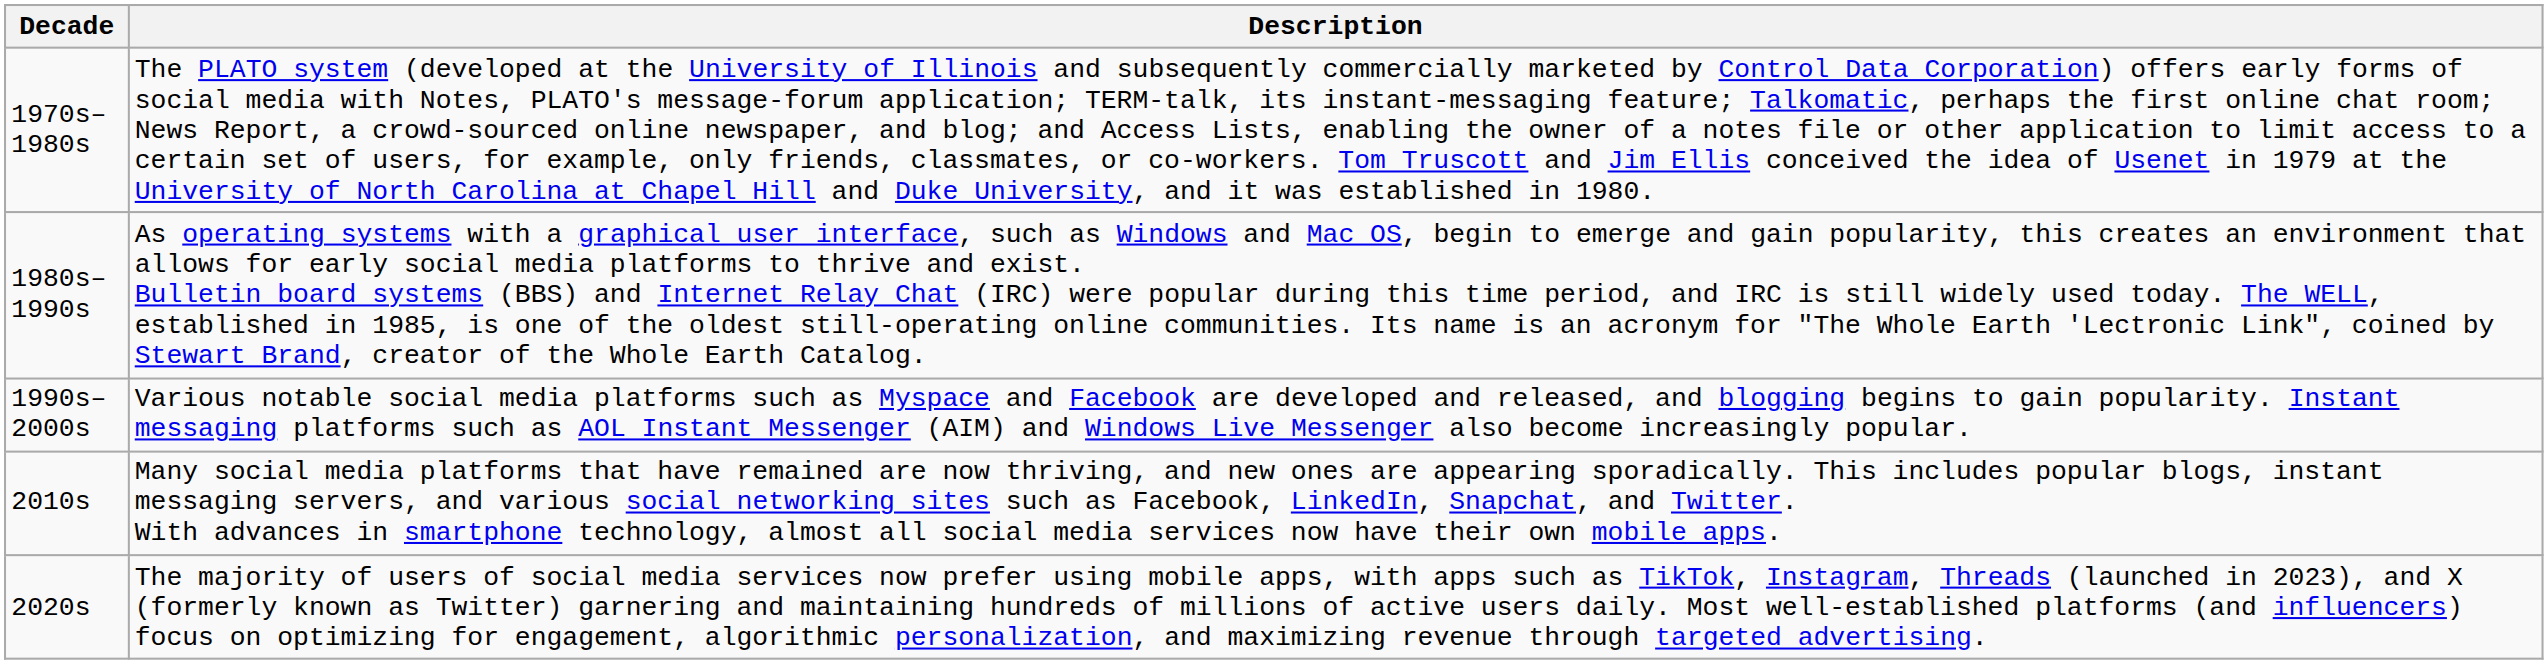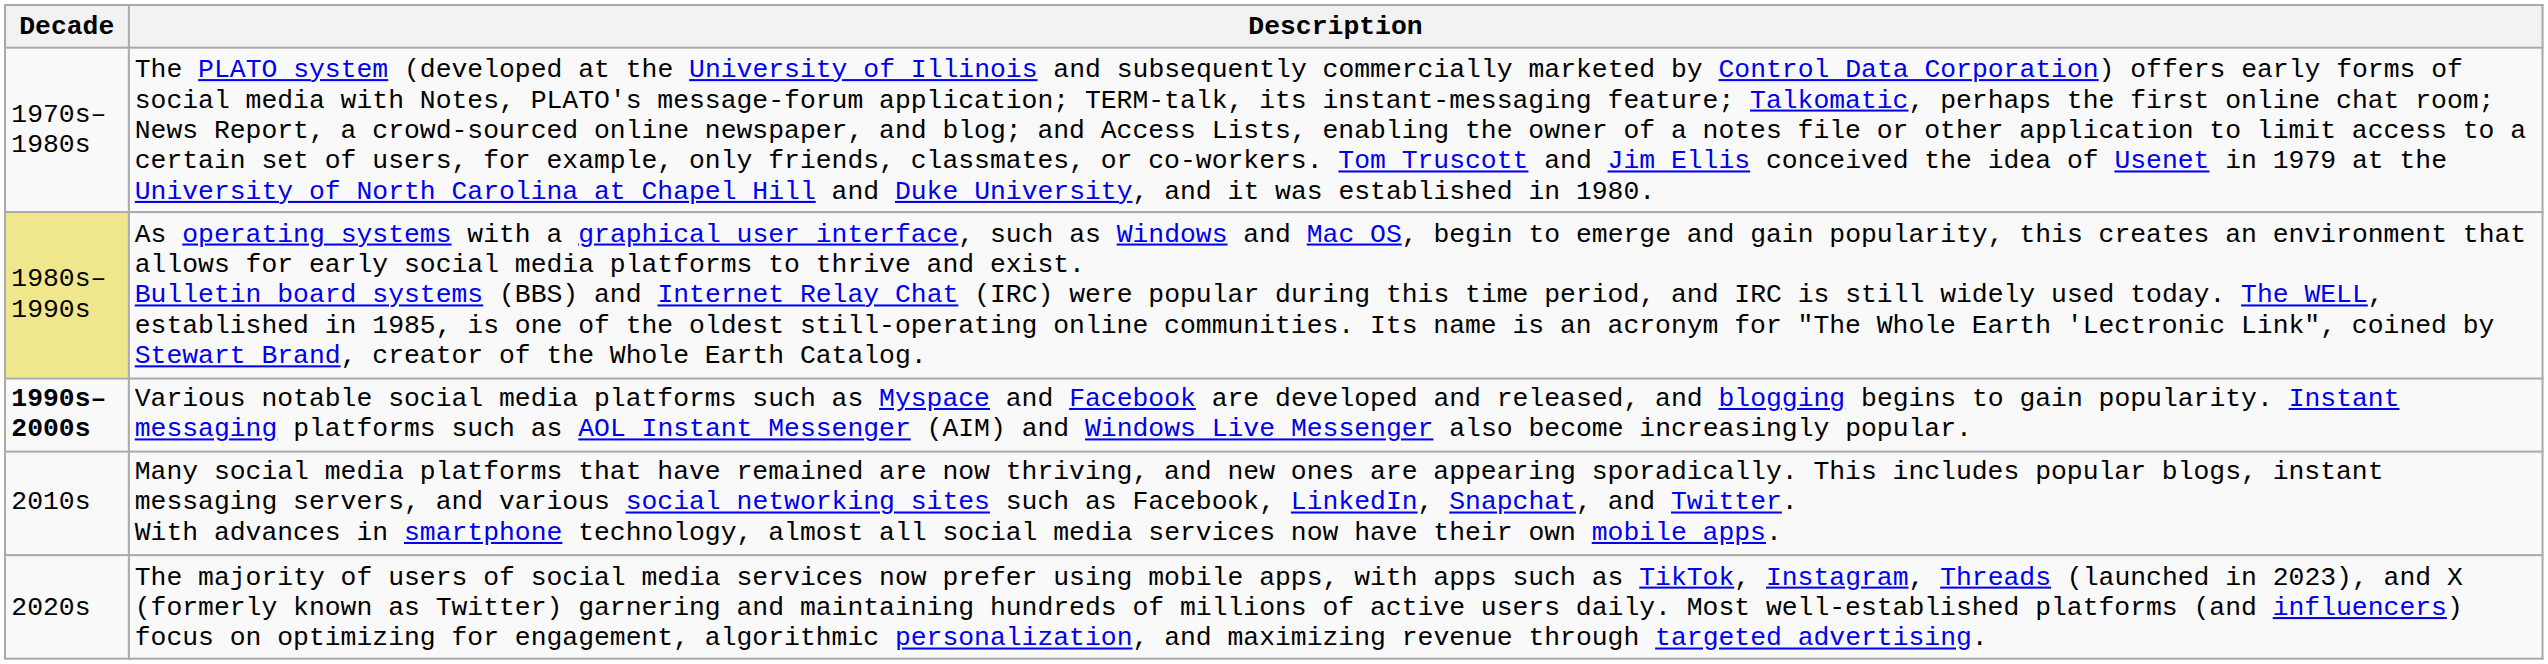 <table class="wikitable sortable">
 <tr>
 <th>Decade</th>
 <th>Description</th>
 </tr>
 <tr>
 <td>1970s–1980s</td>
 <td>The <a href='#'>PLATO system</a> (developed at the <a href='#'>University of Illinois</a> and subsequently commercially marketed by <a href='#'>Control Data Corporation</a>) offers early forms of social media with Notes, PLATO's message-forum application; TERM-talk, its instant-messaging feature; <a href='#'>Talkomatic</a>, perhaps the first online chat room; News Report, a crowd-sourced online newspaper, and blog; and Access Lists, enabling the owner of a notes file or other application to limit access to a certain set of users, for example, only friends, classmates, or co-workers. <a href='#'>Tom Truscott</a> and <a href='#'>Jim Ellis</a> conceived the idea of <a href='#'>Usenet</a> in 1979 at the <a href='#'>University of North Carolina at Chapel Hill</a> and <a href='#'>Duke University</a>, and it was established in 1980.</td>
 </tr>
 <tr>
-<td>1980s–1990s</td>
+<td style="background: khaki;">1980s–1990s</td>
 <td>As <a href='#'>operating systems</a> with a <a href='#'>graphical user interface</a>, such as <a href='#'>Windows</a> and <a href='#'>Mac OS</a>, begin to emerge and gain popularity, this creates an environment that allows for early social media platforms to thrive and exist.<br><a href='#'>Bulletin board systems</a> (BBS) and <a href='#'>Internet Relay Chat</a> (IRC) were popular during this time period, and IRC is still widely used today. <a href='#'>The WELL</a>, established in 1985, is one of the oldest still-operating online communities. Its name is an acronym for "The Whole Earth 'Lectronic Link", coined by <a href='#'>Stewart Brand</a>, creator of the Whole Earth Catalog.</td>
 </tr>
 <tr>
-<td>1990s–2000s</td>
+<td><strong>1990s–2000s</strong></td>
 <td>Various notable social media platforms such as <a href='#'>Myspace</a> and <a href='#'>Facebook</a> are developed and released, and <a href='#'>blogging</a> begins to gain popularity. <a href='#'>Instant messaging</a> platforms such as <a href='#'>AOL Instant Messenger</a> (AIM) and <a href='#'>Windows Live Messenger</a> also become increasingly popular.</td>
 </tr>
 <tr>
 <td>2010s</td>
 <td>Many social media platforms that have remained are now thriving, and new ones are appearing sporadically. This includes popular blogs, instant messaging servers, and various <a href='#'>social networking sites</a> such as Facebook, <a href='#'>LinkedIn</a>, <a href='#'>Snapchat</a>, and <a href='#'>Twitter</a>.<br>With advances in <a href='#'>smartphone</a> technology, almost all social media services now have their own <a href='#'>mobile apps</a>.</td>
 </tr>
 <tr>
 <td>2020s</td>
 <td>The majority of users of social media services now prefer using mobile apps, with apps such as <a href='#'>TikTok</a>, <a href='#'>Instagram</a>, <a href='#'>Threads</a> (launched in 2023), and X (formerly known as Twitter) garnering and maintaining hundreds of millions of active users daily. Most well-established platforms (and <a href='#'>influencers</a>) focus on optimizing for engagement, algorithmic <a href='#'>personalization</a>, and maximizing revenue through <a href='#'>targeted advertising</a>.</td>
 </tr>
 </table>
